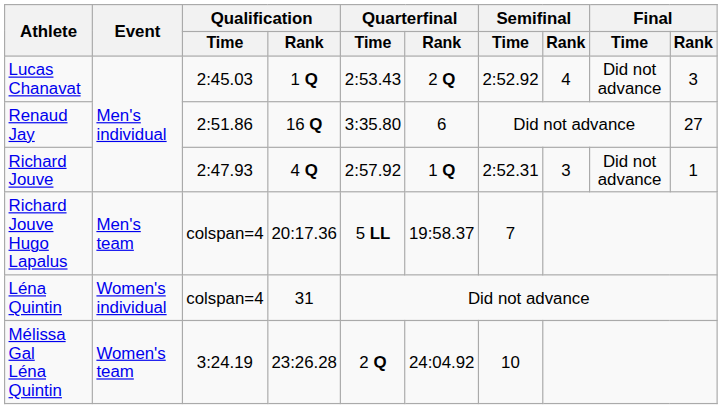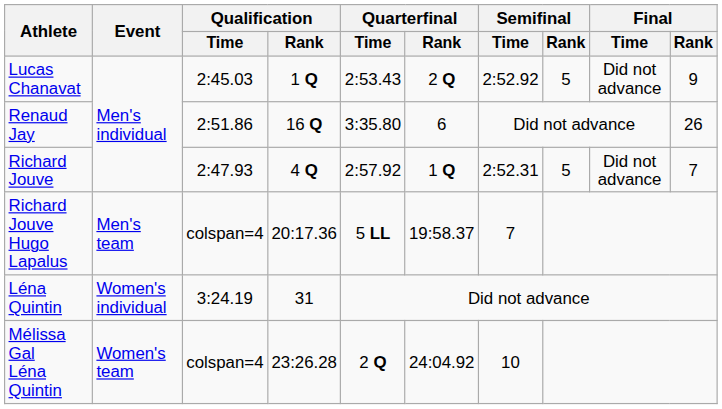 <table class=wikitable style=font-size:90%;text-align:center>
 <tr>
 <th rowspan=2>Athlete</th>
 <th rowspan=2>Event</th>
 <th colspan=2>Qualification</th>
 <th colspan=2>Quarterfinal</th>
 <th colspan=2>Semifinal</th>
 <th colspan=2>Final</th>
 </tr>
 <tr style=font-size:95%>
 <th>Time</th>
 <th>Rank</th>
 <th>Time</th>
 <th>Rank</th>
 <th>Time</th>
 <th>Rank</th>
 <th>Time</th>
 <th>Rank</th>
 </tr>
 <tr>
 <td align=left><a href='#'>Lucas Chanavat</a></td>
 <td align=left rowspan=3><a href='#'>Men's individual</a></td>
 <td>2:45.03</td>
 <td>1 <strong>Q</strong></td>
 <td>2:53.43</td>
 <td>2 <strong>Q</strong></td>
 <td>2:52.92</td>
-<td>4</td>
+<td>5</td>
 <td>Did not advance</td>
-<td>3</td>
+<td>9</td>
 </tr>
 <tr>
 <td align=left><a href='#'>Renaud Jay</a></td>
 <td>2:51.86</td>
 <td>16 <strong>Q</strong></td>
 <td>3:35.80</td>
 <td>6</td>
 <td colspan=3>Did not advance</td>
-<td>27</td>
+<td>26</td>
 </tr>
 <tr>
 <td align=left><a href='#'>Richard Jouve</a></td>
 <td>2:47.93</td>
 <td>4 <strong>Q</strong></td>
 <td>2:57.92</td>
 <td>1 <strong>Q</strong></td>
 <td>2:52.31</td>
-<td>3</td>
+<td>5</td>
 <td>Did not advance</td>
-<td>1</td>
+<td>7</td>
 </tr>
 <tr>
 <td align=left><a href='#'>Richard Jouve</a><br><a href='#'>Hugo Lapalus</a></td>
 <td align=left><a href='#'>Men's team</a></td>
 <td>colspan=4 </td>
 <td>20:17.36</td>
 <td>5 <strong>LL</strong></td>
 <td>19:58.37</td>
 <td>7</td>
 </tr>
 <tr>
 <td align=left><a href='#'>Léna Quintin</a></td>
 <td align=left><a href='#'>Women's individual</a></td>
-<td>colspan=4 </td>
+<td>3:24.19</td>
 <td>31</td>
 <td colspan=6>Did not advance</td>
 </tr>
 <tr>
 <td align=left><a href='#'>Mélissa Gal</a><br><a href='#'>Léna Quintin</a></td>
 <td align=left><a href='#'>Women's team</a></td>
-<td>3:24.19</td>
+<td>colspan=4 </td>
 <td>23:26.28</td>
 <td>2 <strong>Q</strong></td>
 <td>24:04.92</td>
 <td>10</td>
 </tr>
 </table>
